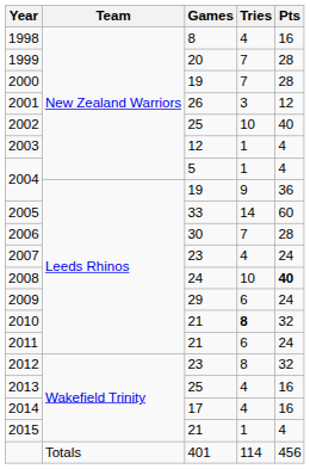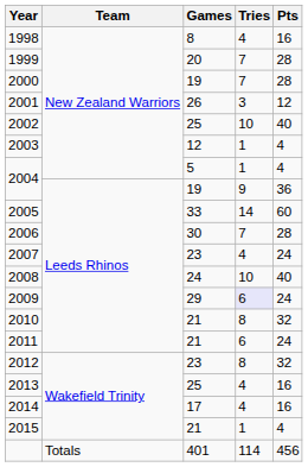 <table class="wikitable">
 <tr>
 <th>Year</th>
 <th>Team</th>
 <th>Games</th>
 <th>Tries</th>
 <th>Pts</th>
 </tr>
 <tr>
 <td>1998</td>
 <td rowspan="7"> <a href='#'>New Zealand Warriors</a></td>
 <td>8</td>
 <td>4</td>
 <td>16</td>
 </tr>
 <tr>
 <td>1999</td>
 <td>20</td>
 <td>7</td>
 <td>28</td>
 </tr>
 <tr>
 <td>2000</td>
 <td>19</td>
 <td>7</td>
 <td>28</td>
 </tr>
 <tr>
 <td>2001</td>
 <td>26</td>
 <td>3</td>
 <td>12</td>
 </tr>
 <tr>
 <td>2002</td>
 <td>25</td>
 <td>10</td>
 <td>40</td>
 </tr>
 <tr>
 <td>2003</td>
 <td>12</td>
 <td>1</td>
 <td>4</td>
 </tr>
 <tr>
 <td rowspan="2">2004</td>
 <td>5</td>
 <td>1</td>
 <td>4</td>
 </tr>
 <tr>
 <td rowspan="8"> <a href='#'>Leeds Rhinos</a></td>
 <td>19</td>
 <td>9</td>
 <td>36</td>
 </tr>
 <tr>
 <td>2005</td>
 <td>33</td>
 <td>14</td>
 <td>60</td>
 </tr>
 <tr>
 <td>2006</td>
 <td>30</td>
 <td>7</td>
 <td>28</td>
 </tr>
 <tr>
 <td>2007</td>
 <td>23</td>
 <td>4</td>
 <td>24</td>
 </tr>
 <tr>
 <td>2008</td>
 <td>24</td>
 <td>10</td>
-<td><strong>40</strong></td>
+<td>40</td>
 </tr>
 <tr>
 <td>2009</td>
 <td>29</td>
-<td>6</td>
+<td style="background: lavender;">6</td>
 <td>24</td>
 </tr>
 <tr>
 <td>2010</td>
 <td>21</td>
-<td><strong>8</strong></td>
+<td>8</td>
 <td>32</td>
 </tr>
 <tr>
 <td>2011</td>
 <td>21</td>
 <td>6</td>
 <td>24</td>
 </tr>
 <tr>
 <td>2012</td>
 <td rowspan="4"> <a href='#'>Wakefield Trinity</a></td>
 <td>23</td>
 <td>8</td>
 <td>32</td>
 </tr>
 <tr>
 <td>2013</td>
 <td>25</td>
 <td>4</td>
 <td>16</td>
 </tr>
 <tr>
 <td>2014</td>
 <td>17</td>
 <td>4</td>
 <td>16</td>
 </tr>
 <tr>
 <td>2015</td>
 <td>21</td>
 <td>1</td>
 <td>4</td>
 </tr>
 <tr>
 <td></td>
 <td>Totals</td>
 <td>401</td>
 <td>114</td>
 <td>456</td>
 </tr>
 </table>
